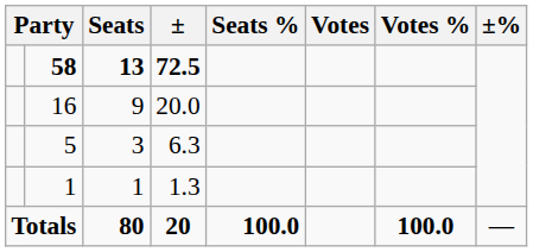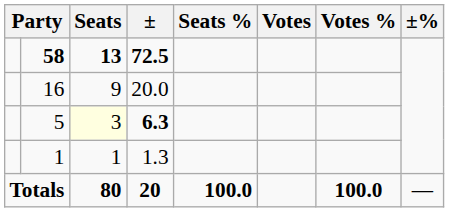 <table class=wikitable>
 <tr>
 <th colspan=2 align=center>Party</th>
 <th valign=top>Seats</th>
 <th valign=top>±</th>
 <th valign=top>Seats %</th>
 <th valign=top>Votes</th>
 <th valign=top>Votes %</th>
 <th valign=top>±%</th>
 </tr>
 <tr>
 <td></td>
 <td align=right><strong>58</strong></td>
 <td align=right><strong>13</strong></td>
 <td align=right><strong>72.5</strong></td>
 <td align=right></td>
 <td align=right></td>
 <td align=right></td>
 </tr>
 <tr>
 <td></td>
 <td align=right>16</td>
 <td align=right>9</td>
 <td align=right>20.0</td>
 <td align=right></td>
 <td align=right></td>
 <td align=right></td>
 </tr>
 <tr>
 <td></td>
 <td align=right>5</td>
-<td align=right>3</td>
-<td align=right>6.3</td>
+<td align=right style="background: lightyellow;">3</td>
+<td align=right><strong>6.3</strong></td>
 <td align=right></td>
 <td align=right></td>
 <td align=right></td>
 </tr>
 <tr>
 <td></td>
 <td align=right>1</td>
 <td align=right>1</td>
 <td align=right>1.3</td>
 <td align=right></td>
 <td align=right></td>
 <td align=right></td>
 </tr>
 <tr>
 <td colspan=2 align=center><strong>Totals</strong></td>
 <td align=right><strong>80</strong></td>
 <td align=center><strong>20</strong></td>
 <td align=right><strong>100.0</strong></td>
 <td align=right></td>
 <td align=center><strong>100.0</strong></td>
 <td align=center>—</td>
 </tr>
 </table>
